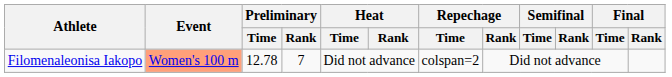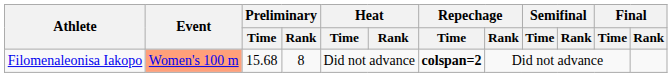 <table class="wikitable" style="font-size:90%">
 <tr>
 <th rowspan=2>Athlete</th>
 <th rowspan=2>Event</th>
 <th colspan=2>Preliminary</th>
 <th colspan=2>Heat</th>
 <th colspan=2>Repechage</th>
 <th colspan=2>Semifinal</th>
 <th colspan=2>Final</th>
 </tr>
 <tr style=font-size:95%>
 <th>Time</th>
 <th>Rank</th>
 <th>Time</th>
 <th>Rank</th>
 <th>Time</th>
 <th>Rank</th>
 <th>Time</th>
 <th>Rank</th>
 <th>Time</th>
 <th>Rank</th>
 </tr>
 <tr align=center>
 <td align=left><a href='#'>Filomenaleonisa Iakopo</a></td>
 <td align=left style="background: lightsalmon;"><a href='#'>Women's 100 m</a></td>
-<td>12.78 <strong></strong></td>
-<td>7</td>
+<td>15.68 <strong></strong></td>
+<td>8</td>
 <td colspan=2>Did not advance</td>
-<td>colspan=2 </td>
+<td><strong>colspan=2 </strong></td>
 <td colspan=4>Did not advance</td>
 </tr>
 </table>
